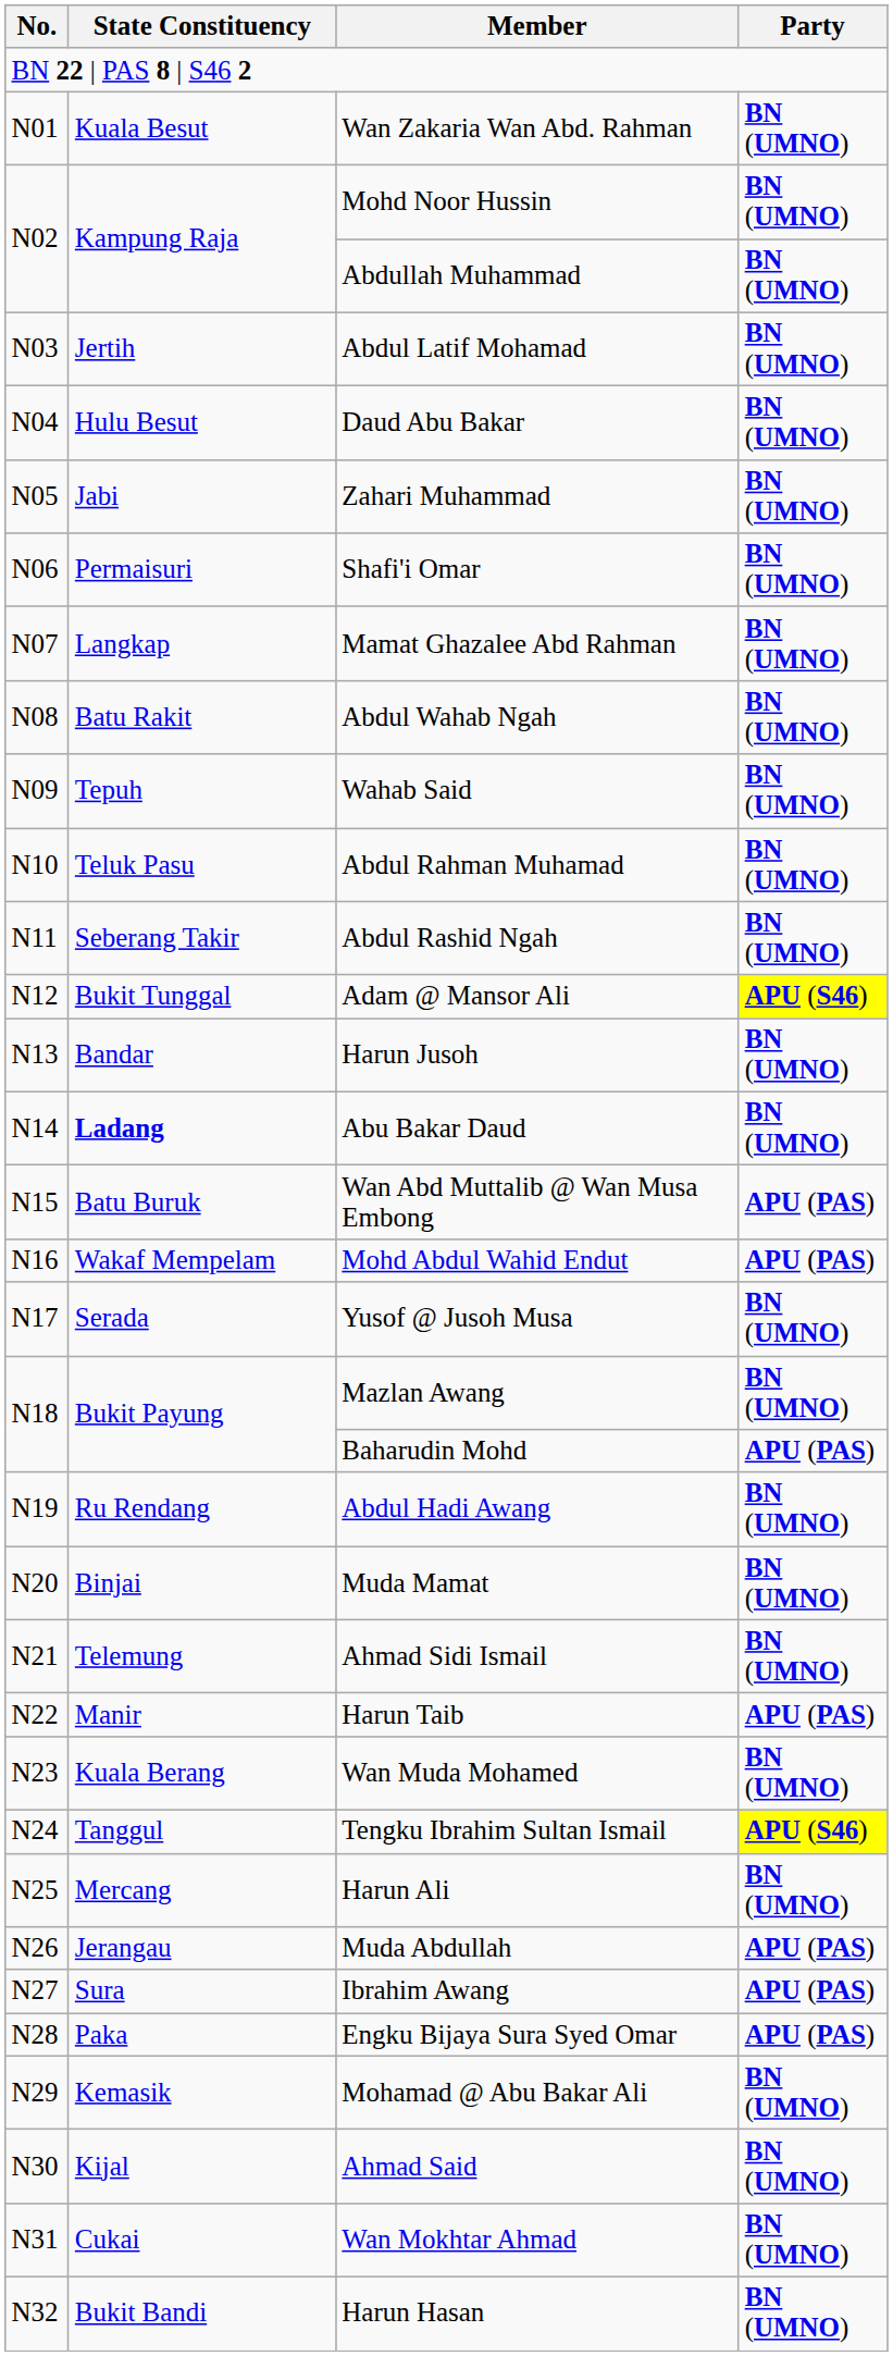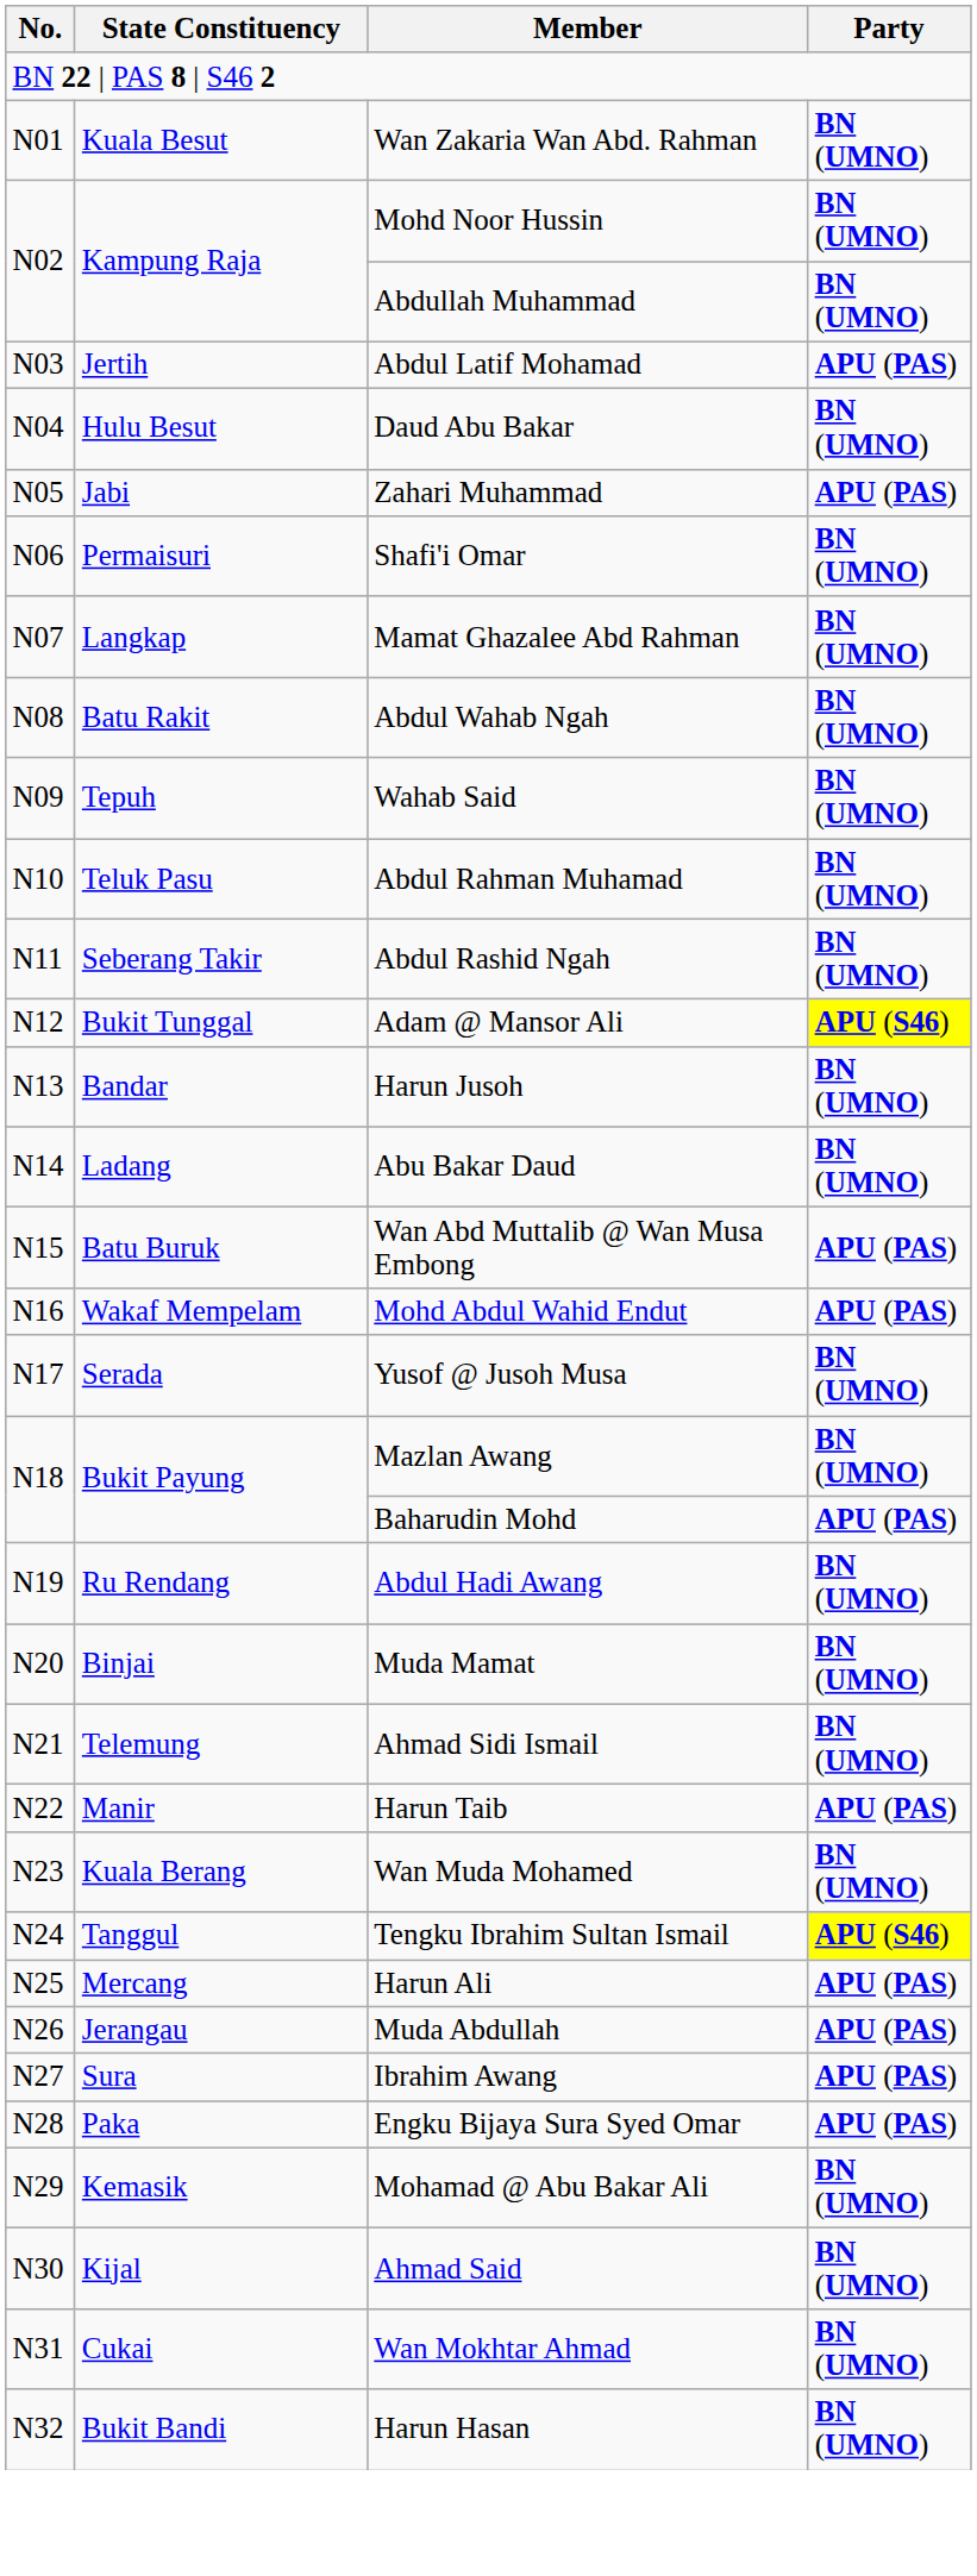 <table class="wikitable sortable">
 <tr>
 <th style="width:30px;">No.</th>
 <th style="width:150px;">State Constituency</th>
 <th style="width:230px;">Member</th>
 <th style="width:80px;">Party</th>
 </tr>
 <tr>
 <td colspan="4"><a href='#'>BN</a> <strong>22</strong> | <a href='#'>PAS</a> <strong>8</strong> | <a href='#'>S46</a> <strong>2</strong></td>
 </tr>
 <tr>
 <td>N01</td>
 <td><a href='#'>Kuala Besut</a></td>
 <td>Wan Zakaria Wan Abd. Rahman</td>
 <td><strong><a href='#'>BN</a></strong> (<strong><a href='#'>UMNO</a></strong>)</td>
 </tr>
 <tr>
 <td rowspan=2>N02</td>
 <td rowspan=2><a href='#'>Kampung Raja</a></td>
 <td>Mohd Noor Hussin </td>
 <td><strong><a href='#'>BN</a></strong> (<strong><a href='#'>UMNO</a></strong>)</td>
 </tr>
 <tr>
 <td>Abdullah Muhammad </td>
 <td><strong><a href='#'>BN</a></strong> (<strong><a href='#'>UMNO</a></strong>)</td>
 </tr>
 <tr>
 <td>N03</td>
 <td><a href='#'>Jertih</a></td>
 <td>Abdul Latif Mohamad</td>
-<td><strong><a href='#'>BN</a></strong> (<strong><a href='#'>UMNO</a></strong>)</td>
+<td><strong><a href='#'>APU</a></strong> (<strong><a href='#'>PAS</a></strong>)</td>
 </tr>
 <tr>
 <td>N04</td>
 <td><a href='#'>Hulu Besut</a></td>
 <td>Daud Abu Bakar</td>
 <td><strong><a href='#'>BN</a></strong> (<strong><a href='#'>UMNO</a></strong>)</td>
 </tr>
 <tr>
 <td>N05</td>
 <td><a href='#'>Jabi</a></td>
 <td>Zahari Muhammad</td>
-<td><strong><a href='#'>BN</a></strong> (<strong><a href='#'>UMNO</a></strong>)</td>
+<td><strong><a href='#'>APU</a></strong> (<strong><a href='#'>PAS</a></strong>)</td>
 </tr>
 <tr>
 <td>N06</td>
 <td><a href='#'>Permaisuri</a></td>
 <td>Shafi'i Omar</td>
 <td><strong><a href='#'>BN</a></strong> (<strong><a href='#'>UMNO</a></strong>)</td>
 </tr>
 <tr>
 <td>N07</td>
 <td><a href='#'>Langkap</a></td>
 <td>Mamat Ghazalee Abd Rahman</td>
 <td><strong><a href='#'>BN</a></strong> (<strong><a href='#'>UMNO</a></strong>)</td>
 </tr>
 <tr>
 <td>N08</td>
 <td><a href='#'>Batu Rakit</a></td>
 <td>Abdul Wahab Ngah</td>
 <td><strong><a href='#'>BN</a></strong> (<strong><a href='#'>UMNO</a></strong>)</td>
 </tr>
 <tr>
 <td>N09</td>
 <td><a href='#'>Tepuh</a></td>
 <td>Wahab Said</td>
 <td><strong><a href='#'>BN</a></strong> (<strong><a href='#'>UMNO</a></strong>)</td>
 </tr>
 <tr>
 <td>N10</td>
 <td><a href='#'>Teluk Pasu</a></td>
 <td>Abdul Rahman Muhamad</td>
 <td><strong><a href='#'>BN</a></strong> (<strong><a href='#'>UMNO</a></strong>)</td>
 </tr>
 <tr>
 <td>N11</td>
 <td><a href='#'>Seberang Takir</a></td>
 <td>Abdul Rashid Ngah</td>
 <td><strong><a href='#'>BN</a></strong> (<strong><a href='#'>UMNO</a></strong>)</td>
 </tr>
 <tr>
 <td>N12</td>
 <td><a href='#'>Bukit Tunggal</a></td>
 <td>Adam @ Mansor Ali</td>
 <td bgcolor="yellow"><strong><a href='#'>APU</a></strong> (<strong><a href='#'>S46</a></strong>)</td>
 </tr>
 <tr>
 <td>N13</td>
 <td><a href='#'>Bandar</a></td>
 <td>Harun Jusoh</td>
 <td><strong><a href='#'>BN</a></strong> (<strong><a href='#'>UMNO</a></strong>)</td>
 </tr>
 <tr>
 <td>N14</td>
-<td><strong><a href='#'>Ladang</a></strong></td>
+<td><a href='#'>Ladang</a></td>
 <td>Abu Bakar Daud</td>
 <td><strong><a href='#'>BN</a></strong> (<strong><a href='#'>UMNO</a></strong>)</td>
 </tr>
 <tr>
 <td>N15</td>
 <td><a href='#'>Batu Buruk</a></td>
 <td>Wan Abd Muttalib @ Wan Musa Embong</td>
 <td><strong><a href='#'>APU</a></strong> (<strong><a href='#'>PAS</a></strong>)</td>
 </tr>
 <tr>
 <td>N16</td>
 <td><a href='#'>Wakaf Mempelam</a></td>
 <td><a href='#'>Mohd Abdul Wahid Endut</a></td>
 <td><strong><a href='#'>APU</a></strong> (<strong><a href='#'>PAS</a></strong>)</td>
 </tr>
 <tr>
 <td>N17</td>
 <td><a href='#'>Serada</a></td>
 <td>Yusof @ Jusoh Musa</td>
 <td><strong><a href='#'>BN</a></strong> (<strong><a href='#'>UMNO</a></strong>)</td>
 </tr>
 <tr>
 <td rowspan=2>N18</td>
 <td rowspan=2><a href='#'>Bukit Payung</a></td>
 <td>Mazlan Awang </td>
 <td><strong><a href='#'>BN</a></strong> (<strong><a href='#'>UMNO</a></strong>)</td>
 </tr>
 <tr>
 <td>Baharudin Mohd </td>
 <td><strong><a href='#'>APU</a></strong> (<strong><a href='#'>PAS</a></strong>)</td>
 </tr>
 <tr>
 <td>N19</td>
 <td><a href='#'>Ru Rendang</a></td>
 <td><a href='#'>Abdul Hadi Awang</a></td>
 <td><strong><a href='#'>BN</a></strong> (<strong><a href='#'>UMNO</a></strong>)</td>
 </tr>
 <tr>
 <td>N20</td>
 <td><a href='#'>Binjai</a></td>
 <td>Muda Mamat</td>
 <td><strong><a href='#'>BN</a></strong> (<strong><a href='#'>UMNO</a></strong>)</td>
 </tr>
 <tr>
 <td>N21</td>
 <td><a href='#'>Telemung</a></td>
 <td>Ahmad Sidi Ismail</td>
 <td><strong><a href='#'>BN</a></strong> (<strong><a href='#'>UMNO</a></strong>)</td>
 </tr>
 <tr>
 <td>N22</td>
 <td><a href='#'>Manir</a></td>
 <td>Harun Taib</td>
 <td><strong><a href='#'>APU</a></strong> (<strong><a href='#'>PAS</a></strong>)</td>
 </tr>
 <tr>
 <td>N23</td>
 <td><a href='#'>Kuala Berang</a></td>
 <td>Wan Muda Mohamed</td>
 <td><strong><a href='#'>BN</a></strong> (<strong><a href='#'>UMNO</a></strong>)</td>
 </tr>
 <tr>
 <td>N24</td>
 <td><a href='#'>Tanggul</a></td>
 <td>Tengku Ibrahim Sultan Ismail</td>
 <td bgcolor="yellow"><strong><a href='#'>APU</a></strong> (<strong><a href='#'>S46</a></strong>)</td>
 </tr>
 <tr>
 <td>N25</td>
 <td><a href='#'>Mercang</a></td>
 <td>Harun Ali</td>
-<td><strong><a href='#'>BN</a></strong> (<strong><a href='#'>UMNO</a></strong>)</td>
+<td><strong><a href='#'>APU</a></strong> (<strong><a href='#'>PAS</a></strong>)</td>
 </tr>
 <tr>
 <td>N26</td>
 <td><a href='#'>Jerangau</a></td>
 <td>Muda Abdullah</td>
 <td><strong><a href='#'>APU</a></strong> (<strong><a href='#'>PAS</a></strong>)</td>
 </tr>
 <tr>
 <td>N27</td>
 <td><a href='#'>Sura</a></td>
 <td>Ibrahim Awang</td>
 <td><strong><a href='#'>APU</a></strong> (<strong><a href='#'>PAS</a></strong>)</td>
 </tr>
 <tr>
 <td>N28</td>
 <td><a href='#'>Paka</a></td>
 <td>Engku Bijaya Sura Syed Omar</td>
 <td><strong><a href='#'>APU</a></strong> (<strong><a href='#'>PAS</a></strong>)</td>
 </tr>
 <tr>
 <td>N29</td>
 <td><a href='#'>Kemasik</a></td>
 <td>Mohamad @ Abu Bakar Ali</td>
 <td><strong><a href='#'>BN</a></strong> (<strong><a href='#'>UMNO</a></strong>)</td>
 </tr>
 <tr>
 <td>N30</td>
 <td><a href='#'>Kijal</a></td>
 <td><a href='#'>Ahmad Said</a></td>
 <td><strong><a href='#'>BN</a></strong> (<strong><a href='#'>UMNO</a></strong>)</td>
 </tr>
 <tr>
 <td>N31</td>
 <td><a href='#'>Cukai</a></td>
 <td><a href='#'>Wan Mokhtar Ahmad</a></td>
 <td><strong><a href='#'>BN</a></strong> (<strong><a href='#'>UMNO</a></strong>)</td>
 </tr>
 <tr>
 <td>N32</td>
 <td><a href='#'>Bukit Bandi</a></td>
 <td>Harun Hasan</td>
 <td><strong><a href='#'>BN</a></strong> (<strong><a href='#'>UMNO</a></strong>)</td>
 </tr>
 </table>
